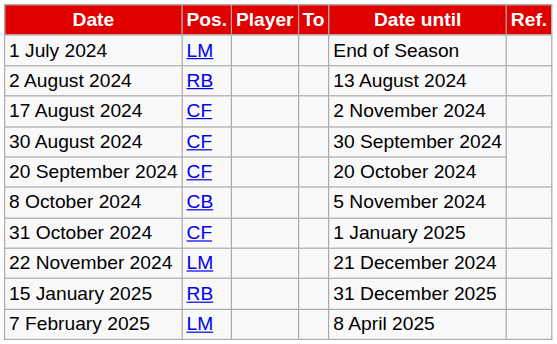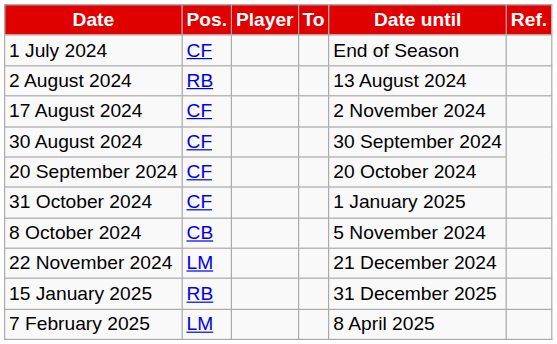 <table class="wikitable plainrowheaders sortable">
 <tr>
 <th style="background:#E00000;color:white;">Date</th>
 <th style="background:#E00000;color:white;">Pos.</th>
 <th style="background:#E00000;color:white;">Player</th>
 <th style="background:#E00000;color:white;">To</th>
 <th style="background:#E00000;color:white;">Date until</th>
 <th style="background:#E00000;color:white;">Ref.</th>
 </tr>
 <tr>
 <td>1 July 2024</td>
-<td><a href='#'>LM</a></td>
+<td><a href='#'>CF</a></td>
 <td></td>
 <td></td>
 <td>End of Season</td>
 <td></td>
 </tr>
 <tr>
 <td>2 August 2024</td>
 <td><a href='#'>RB</a></td>
 <td></td>
 <td></td>
 <td>13 August 2024</td>
 <td></td>
 </tr>
 <tr>
 <td>17 August 2024</td>
 <td><a href='#'>CF</a></td>
 <td></td>
 <td></td>
 <td>2 November 2024</td>
 <td></td>
 </tr>
 <tr>
 <td>30 August 2024</td>
 <td><a href='#'>CF</a></td>
 <td></td>
 <td></td>
 <td>30 September 2024</td>
 </tr>
 <tr>
 <td>20 September 2024</td>
 <td><a href='#'>CF</a></td>
 <td></td>
 <td></td>
 <td>20 October 2024</td>
 </tr>
 <tr>
+<td>31 October 2024</td>
+<td><a href='#'>CF</a></td>
+<td></td>
+<td></td>
+<td>1 January 2025</td>
+<td></td>
+</tr>
+<tr>
 <td>8 October 2024</td>
 <td><a href='#'>CB</a></td>
 <td></td>
 <td></td>
 <td>5 November 2024</td>
-<td></td>
-</tr>
-<tr>
-<td>31 October 2024</td>
-<td><a href='#'>CF</a></td>
-<td></td>
-<td></td>
-<td>1 January 2025</td>
 <td></td>
 </tr>
 <tr>
 <td>22 November 2024</td>
 <td><a href='#'>LM</a></td>
 <td></td>
 <td></td>
 <td>21 December 2024</td>
 <td></td>
 </tr>
 <tr>
 <td>15 January 2025</td>
 <td><a href='#'>RB</a></td>
 <td></td>
 <td></td>
 <td>31 December 2025</td>
 <td></td>
 </tr>
 <tr>
 <td>7 February 2025</td>
 <td><a href='#'>LM</a></td>
 <td></td>
 <td></td>
 <td>8 April 2025</td>
 <td></td>
 </tr>
 </table>
